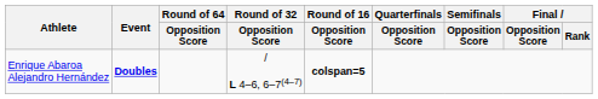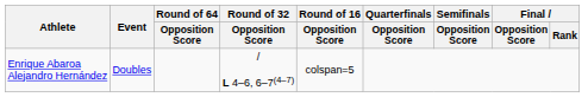 <table class=wikitable style=font-size:90%;text-align:center>
 <tr>
 <th rowspan=2>Athlete</th>
 <th rowspan=2>Event</th>
 <th>Round of 64</th>
 <th>Round of 32</th>
 <th>Round of 16</th>
 <th>Quarterfinals</th>
 <th>Semifinals</th>
 <th colspan=2>Final / </th>
 </tr>
 <tr style=font-size:95%>
 <th>Opposition<br>Score</th>
 <th>Opposition<br>Score</th>
 <th>Opposition<br>Score</th>
 <th>Opposition<br>Score</th>
 <th>Opposition<br>Score</th>
 <th>Opposition<br>Score</th>
 <th>Rank</th>
 </tr>
 <tr>
 <td align=left><a href='#'>Enrique Abaroa</a><br><a href='#'>Alejandro Hernández</a></td>
-<td align=left><strong><a href='#'>Doubles</a></strong></td>
+<td align=left><a href='#'>Doubles</a></td>
 <td></td>
 <td> / <br><br><strong>L</strong> 4–6, 6–7<sup>(4–7)</sup></td>
-<td><strong>colspan=5 </strong></td>
+<td>colspan=5 </td>
 </tr>
 </table>
